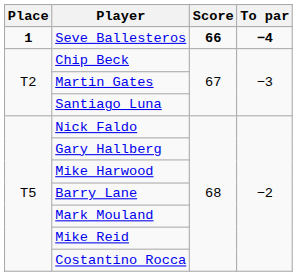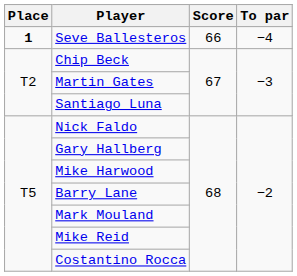 <table class="wikitable">
 <tr>
 <th>Place</th>
 <th>Player</th>
 <th>Score</th>
 <th>To par</th>
 </tr>
 <tr>
 <td align=center><strong>1</strong></td>
 <td> <a href='#'>Seve Ballesteros</a></td>
-<td align=center><strong>66</strong></td>
-<td align=center><strong>−4</strong></td>
+<td align=center>66</td>
+<td align=center>−4</td>
 </tr>
 <tr>
 <td rowspan="3" align=center>T2</td>
 <td> <a href='#'>Chip Beck</a></td>
 <td rowspan="3" align=center>67</td>
 <td rowspan="3" align=center>−3</td>
 </tr>
 <tr>
 <td> <a href='#'>Martin Gates</a></td>
 </tr>
 <tr>
 <td> <a href='#'>Santiago Luna</a></td>
 </tr>
 <tr>
 <td rowspan="7" align=center>T5</td>
 <td> <a href='#'>Nick Faldo</a></td>
 <td rowspan="7" align=center>68</td>
 <td rowspan="7" align=center>−2</td>
 </tr>
 <tr>
 <td> <a href='#'>Gary Hallberg</a></td>
 </tr>
 <tr>
 <td> <a href='#'>Mike Harwood</a></td>
 </tr>
 <tr>
 <td> <a href='#'>Barry Lane</a></td>
 </tr>
 <tr>
 <td> <a href='#'>Mark Mouland</a></td>
 </tr>
 <tr>
 <td> <a href='#'>Mike Reid</a></td>
 </tr>
 <tr>
 <td> <a href='#'>Costantino Rocca</a></td>
 </tr>
 </table>
